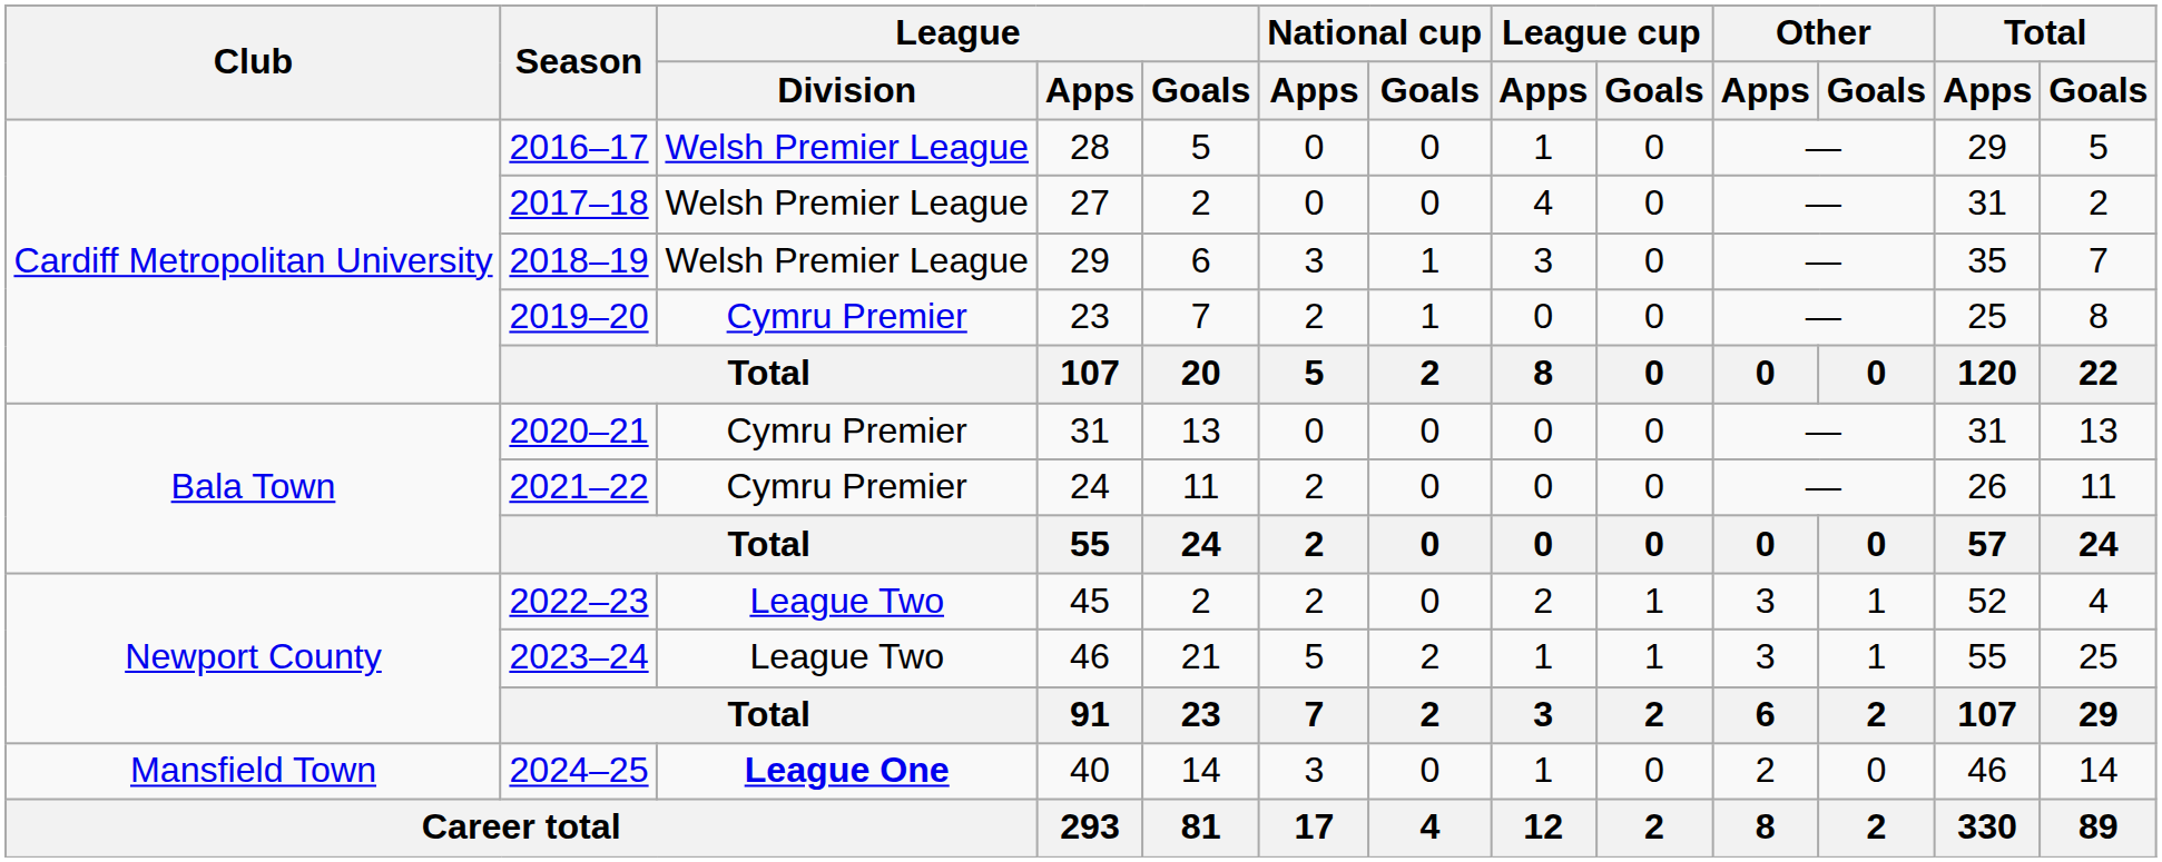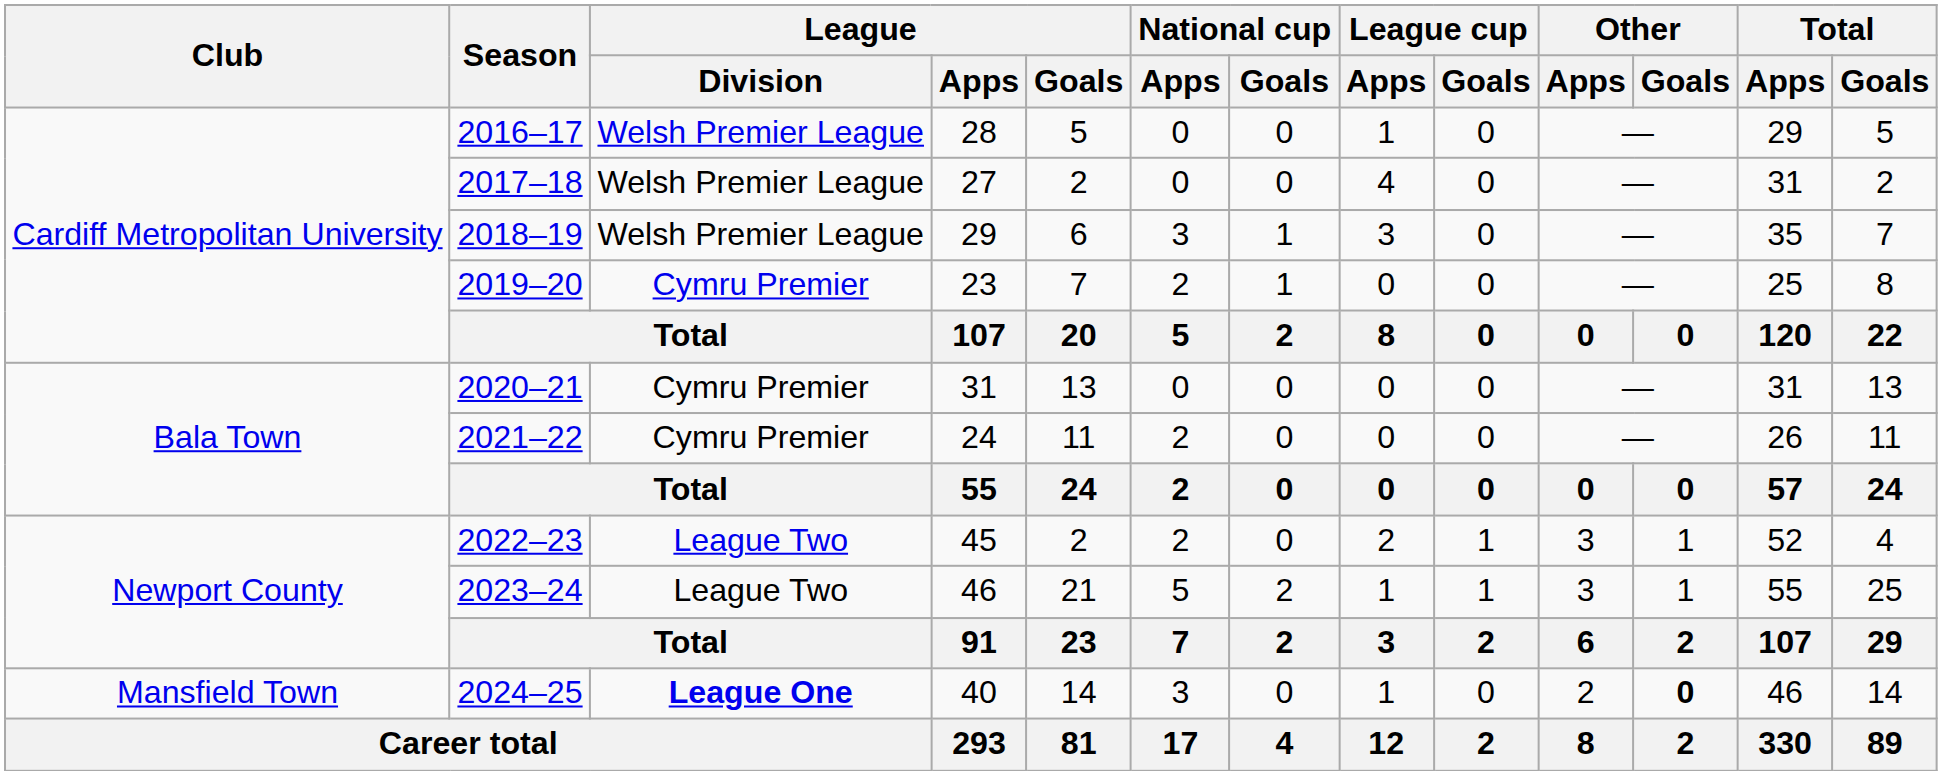 <table class="wikitable" style="text-align: center;">
 <tr>
 <th rowspan="2">Club</th>
 <th rowspan="2">Season</th>
 <th colspan="3">League</th>
 <th colspan="2">National cup</th>
 <th colspan="2">League cup</th>
 <th colspan="2">Other</th>
 <th colspan="2">Total</th>
 </tr>
 <tr>
 <th>Division</th>
 <th>Apps</th>
 <th>Goals</th>
 <th>Apps</th>
 <th>Goals</th>
 <th>Apps</th>
 <th>Goals</th>
 <th>Apps</th>
 <th>Goals</th>
 <th>Apps</th>
 <th>Goals</th>
 </tr>
 <tr>
 <td rowspan=5><a href='#'>Cardiff Metropolitan University</a></td>
 <td><a href='#'>2016–17</a></td>
 <td><a href='#'>Welsh Premier League</a></td>
 <td>28</td>
 <td>5</td>
 <td>0</td>
 <td>0</td>
 <td>1</td>
 <td>0</td>
 <td colspan=2>—</td>
 <td>29</td>
 <td>5</td>
 </tr>
 <tr>
 <td><a href='#'>2017–18</a></td>
 <td>Welsh Premier League</td>
 <td>27</td>
 <td>2</td>
 <td>0</td>
 <td>0</td>
 <td>4</td>
 <td>0</td>
 <td colspan=2>—</td>
 <td>31</td>
 <td>2</td>
 </tr>
 <tr>
 <td><a href='#'>2018–19</a></td>
 <td>Welsh Premier League</td>
 <td>29</td>
 <td>6</td>
 <td>3</td>
 <td>1</td>
 <td>3</td>
 <td>0</td>
 <td colspan=2>—</td>
 <td>35</td>
 <td>7</td>
 </tr>
 <tr>
 <td><a href='#'>2019–20</a></td>
 <td><a href='#'>Cymru Premier</a></td>
 <td>23</td>
 <td>7</td>
 <td>2</td>
 <td>1</td>
 <td>0</td>
 <td>0</td>
 <td colspan=2>—</td>
 <td>25</td>
 <td>8</td>
 </tr>
 <tr>
 <th colspan="2">Total</th>
 <th>107</th>
 <th>20</th>
 <th>5</th>
 <th>2</th>
 <th>8</th>
 <th>0</th>
 <th>0</th>
 <th>0</th>
 <th>120</th>
 <th>22</th>
 </tr>
 <tr>
 <td rowspan=3><a href='#'>Bala Town</a></td>
 <td><a href='#'>2020–21</a></td>
 <td>Cymru Premier</td>
 <td>31</td>
 <td>13</td>
 <td>0</td>
 <td>0</td>
 <td>0</td>
 <td>0</td>
 <td colspan=2>—</td>
 <td>31</td>
 <td>13</td>
 </tr>
 <tr>
 <td><a href='#'>2021–22</a></td>
 <td>Cymru Premier</td>
 <td>24</td>
 <td>11</td>
 <td>2</td>
 <td>0</td>
 <td>0</td>
 <td>0</td>
 <td colspan=2>—</td>
 <td>26</td>
 <td>11</td>
 </tr>
 <tr>
 <th colspan="2">Total</th>
 <th>55</th>
 <th>24</th>
 <th>2</th>
 <th>0</th>
 <th>0</th>
 <th>0</th>
 <th>0</th>
 <th>0</th>
 <th>57</th>
 <th>24</th>
 </tr>
 <tr>
 <td rowspan=3><a href='#'>Newport County</a></td>
 <td><a href='#'>2022–23</a></td>
 <td><a href='#'>League Two</a></td>
 <td>45</td>
 <td>2</td>
 <td>2</td>
 <td>0</td>
 <td>2</td>
 <td>1</td>
 <td>3</td>
 <td>1</td>
 <td>52</td>
 <td>4</td>
 </tr>
 <tr>
 <td><a href='#'>2023–24</a></td>
 <td>League Two</td>
 <td>46</td>
 <td>21</td>
 <td>5</td>
 <td>2</td>
 <td>1</td>
 <td>1</td>
 <td>3</td>
 <td>1</td>
 <td>55</td>
 <td>25</td>
 </tr>
 <tr>
 <th colspan="2">Total</th>
 <th>91</th>
 <th>23</th>
 <th>7</th>
 <th>2</th>
 <th>3</th>
 <th>2</th>
 <th>6</th>
 <th>2</th>
 <th>107</th>
 <th>29</th>
 </tr>
 <tr>
 <td><a href='#'>Mansfield Town</a></td>
 <td><a href='#'>2024–25</a></td>
 <td><strong><a href='#'>League One</a></strong></td>
 <td>40</td>
 <td>14</td>
 <td>3</td>
 <td>0</td>
 <td>1</td>
 <td>0</td>
 <td>2</td>
-<td>0</td>
+<td><strong>0</strong></td>
 <td>46</td>
 <td>14</td>
 </tr>
 <tr>
 <th colspan="3">Career total</th>
 <th>293</th>
 <th>81</th>
 <th>17</th>
 <th>4</th>
 <th>12</th>
 <th>2</th>
 <th>8</th>
 <th>2</th>
 <th>330</th>
 <th>89</th>
 </tr>
 </table>
